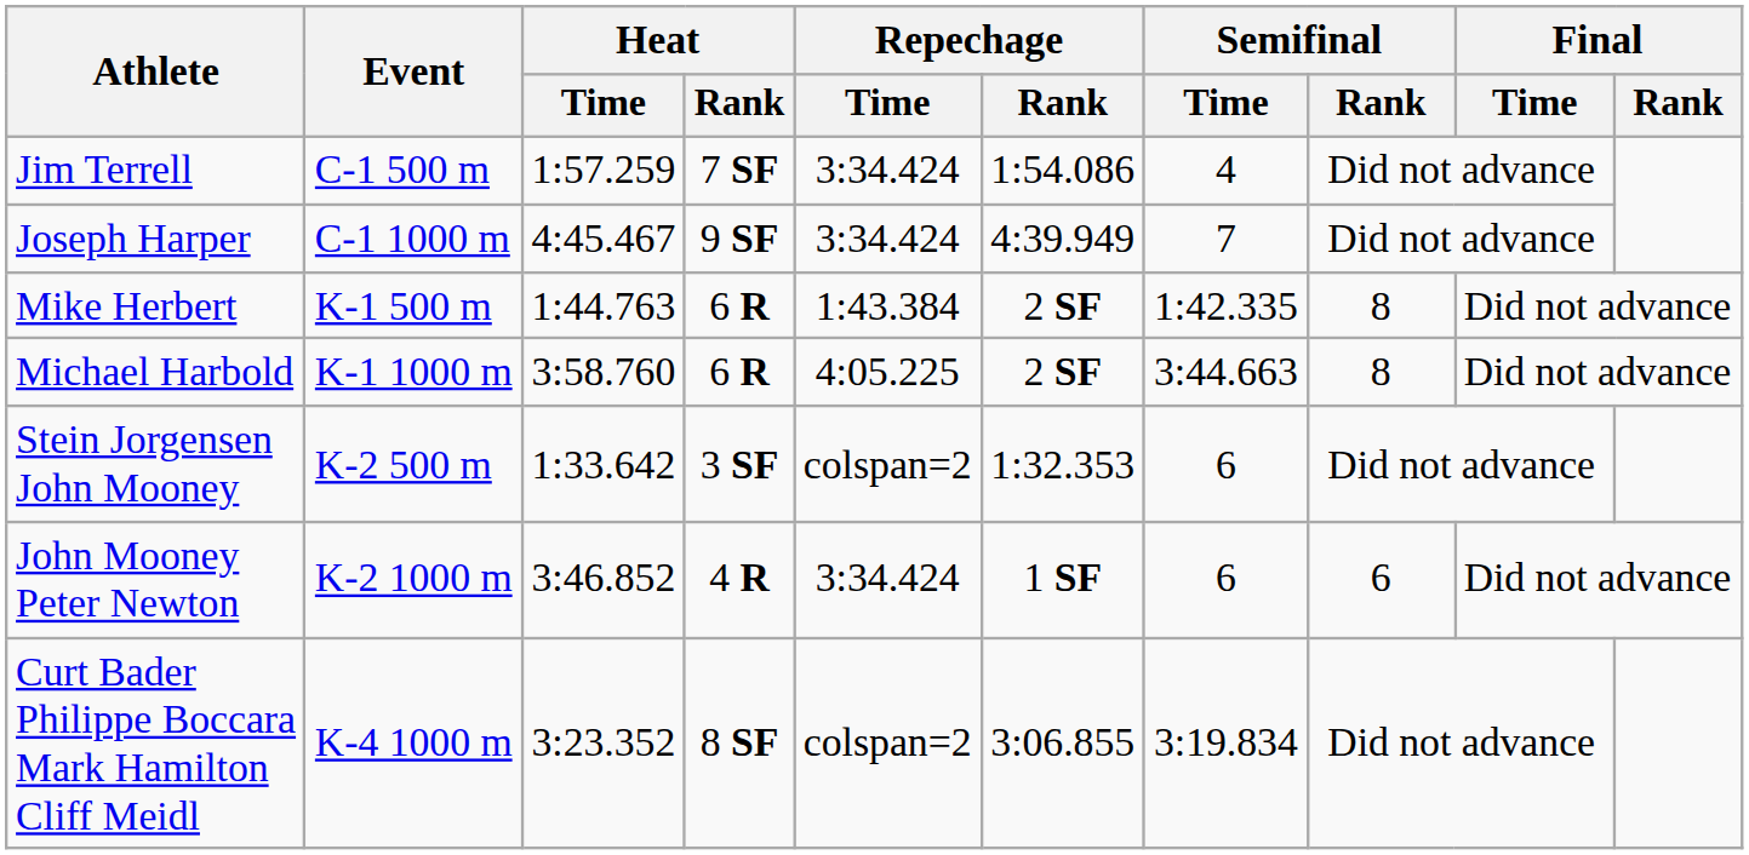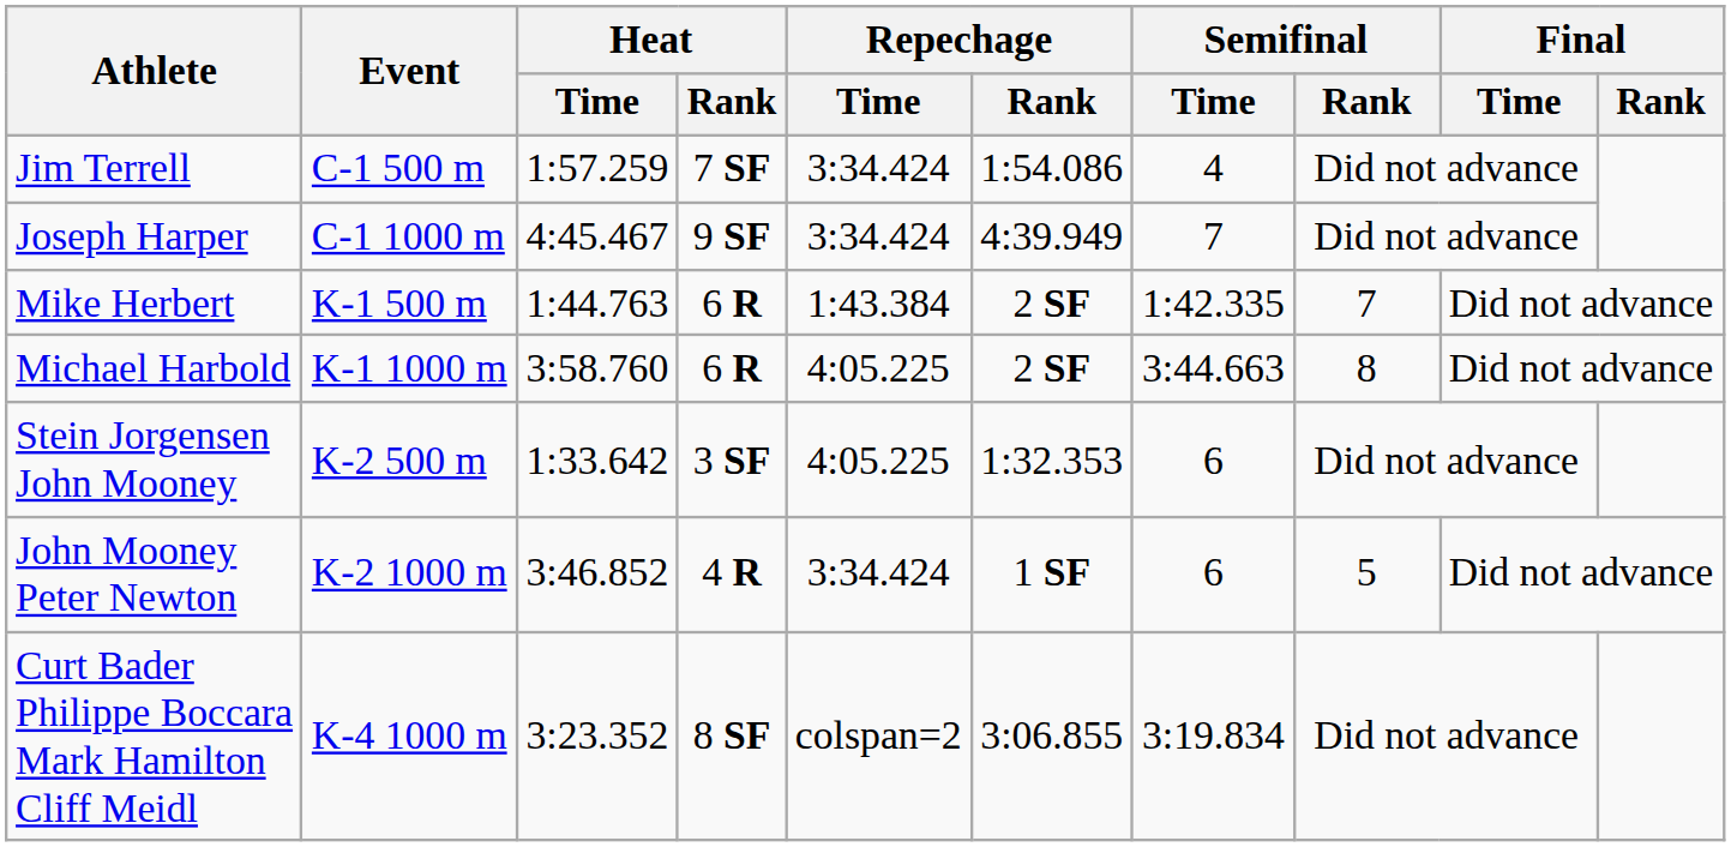 <table class=wikitable style=font-size:90%;text-align:center>
 <tr>
 <th rowspan=2>Athlete</th>
 <th rowspan=2>Event</th>
 <th colspan=2>Heat</th>
 <th colspan=2>Repechage</th>
 <th colspan=2>Semifinal</th>
 <th colspan=2>Final</th>
 </tr>
 <tr style=font-size:95%>
 <th>Time</th>
 <th>Rank</th>
 <th>Time</th>
 <th>Rank</th>
 <th>Time</th>
 <th>Rank</th>
 <th>Time</th>
 <th>Rank</th>
 </tr>
 <tr>
 <td align=left><a href='#'>Jim Terrell</a></td>
 <td align=left><a href='#'>C-1 500 m</a></td>
 <td>1:57.259</td>
 <td>7 <strong>SF</strong></td>
 <td>3:34.424</td>
 <td>1:54.086</td>
 <td>4</td>
 <td colspan=2>Did not advance</td>
 </tr>
 <tr>
 <td align=left><a href='#'>Joseph Harper</a></td>
 <td align=left><a href='#'>C-1 1000 m</a></td>
 <td>4:45.467</td>
 <td>9 <strong>SF</strong></td>
 <td>3:34.424</td>
 <td>4:39.949</td>
 <td>7</td>
 <td colspan=2>Did not advance</td>
 </tr>
 <tr>
 <td align=left><a href='#'>Mike Herbert</a></td>
 <td align=left><a href='#'>K-1 500 m</a></td>
 <td>1:44.763</td>
 <td>6 <strong>R</strong></td>
 <td>1:43.384</td>
 <td>2 <strong>SF</strong></td>
 <td>1:42.335</td>
-<td>8</td>
+<td>7</td>
 <td colspan=2>Did not advance</td>
 </tr>
 <tr>
 <td align=left><a href='#'>Michael Harbold</a></td>
 <td align=left><a href='#'>K-1 1000 m</a></td>
 <td>3:58.760</td>
 <td>6 <strong>R</strong></td>
 <td>4:05.225</td>
 <td>2 <strong>SF</strong></td>
 <td>3:44.663</td>
 <td>8</td>
 <td colspan=2>Did not advance</td>
 </tr>
 <tr>
 <td align=left><a href='#'>Stein Jorgensen</a><br><a href='#'>John Mooney</a></td>
 <td align=left><a href='#'>K-2 500 m</a></td>
 <td>1:33.642</td>
 <td>3 <strong>SF</strong></td>
-<td>colspan=2 </td>
+<td>4:05.225</td>
 <td>1:32.353</td>
 <td>6</td>
 <td colspan=2>Did not advance</td>
 </tr>
 <tr>
 <td align=left><a href='#'>John Mooney</a><br><a href='#'>Peter Newton</a></td>
 <td align=left><a href='#'>K-2 1000 m</a></td>
 <td>3:46.852</td>
 <td>4 <strong>R</strong></td>
 <td>3:34.424</td>
 <td>1 <strong>SF</strong></td>
 <td>6</td>
-<td>6</td>
+<td>5</td>
 <td colspan=2>Did not advance</td>
 </tr>
 <tr>
 <td align=left><a href='#'>Curt Bader</a><br><a href='#'>Philippe Boccara</a><br><a href='#'>Mark Hamilton</a><br><a href='#'>Cliff Meidl</a></td>
 <td align=left><a href='#'>K-4 1000 m</a></td>
 <td>3:23.352</td>
 <td>8 <strong>SF</strong></td>
 <td>colspan=2 </td>
 <td>3:06.855</td>
 <td>3:19.834</td>
 <td colspan=2>Did not advance</td>
 </tr>
 </table>
